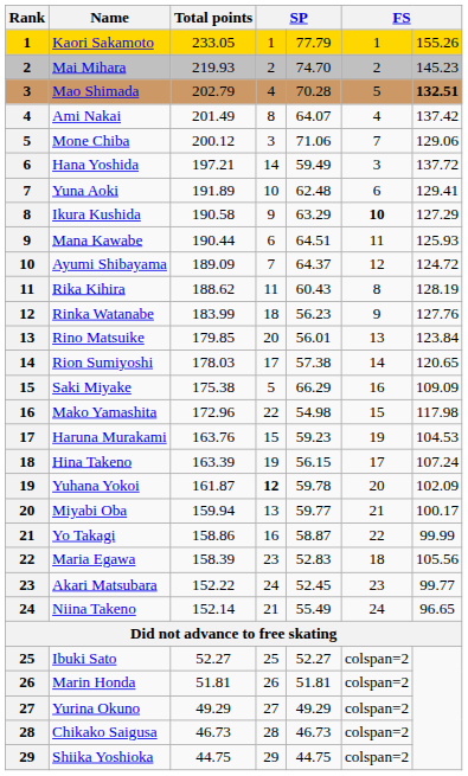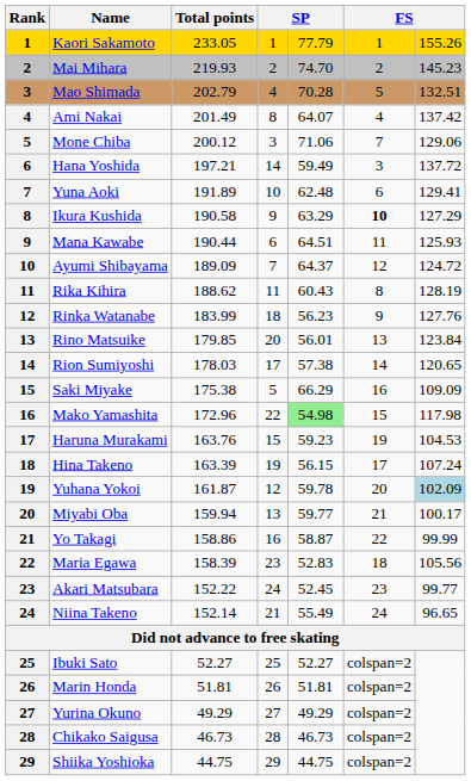 <table class="wikitable sortable">
 <tr>
 <th>Rank</th>
 <th>Name</th>
 <th>Total points</th>
 <th colspan="2" width="80px"><a href='#'>SP</a></th>
 <th colspan="2" width="80px"><a href='#'>FS</a></th>
 </tr>
 <tr bgcolor="gold">
 <td align="center"><strong>1</strong></td>
 <td><a href='#'>Kaori Sakamoto</a></td>
 <td align="center">233.05</td>
 <td align="center">1</td>
 <td align="center">77.79</td>
 <td align="center">1</td>
 <td align="center">155.26</td>
 </tr>
 <tr bgcolor="silver">
 <td align="center"><strong>2</strong></td>
 <td><a href='#'>Mai Mihara</a></td>
 <td align="center">219.93</td>
 <td align="center">2</td>
 <td align="center">74.70</td>
 <td align="center">2</td>
 <td align="center">145.23</td>
 </tr>
 <tr bgcolor="cc9966">
 <td align="center"><strong>3</strong></td>
 <td><a href='#'>Mao Shimada</a></td>
 <td align="center">202.79</td>
 <td align="center">4</td>
 <td align="center">70.28</td>
 <td align="center">5</td>
-<td align="center"><strong>132.51</strong></td>
+<td align="center">132.51</td>
 </tr>
 <tr>
 <th>4</th>
 <td><a href='#'>Ami Nakai</a></td>
 <td align="center">201.49</td>
 <td align="center">8</td>
 <td align="center">64.07</td>
 <td align="center">4</td>
 <td align="center">137.42</td>
 </tr>
 <tr>
 <th>5</th>
 <td><a href='#'>Mone Chiba</a></td>
 <td align="center">200.12</td>
 <td align="center">3</td>
 <td align="center">71.06</td>
 <td align="center">7</td>
 <td align="center">129.06</td>
 </tr>
 <tr>
 <th>6</th>
 <td><a href='#'>Hana Yoshida</a></td>
 <td align="center">197.21</td>
 <td align="center">14</td>
 <td align="center">59.49</td>
 <td align="center">3</td>
 <td align="center">137.72</td>
 </tr>
 <tr>
 <th>7</th>
 <td><a href='#'>Yuna Aoki</a></td>
 <td align="center">191.89</td>
 <td align="center">10</td>
 <td align="center">62.48</td>
 <td align="center">6</td>
 <td align="center">129.41</td>
 </tr>
 <tr>
 <th>8</th>
 <td><a href='#'>Ikura Kushida</a></td>
 <td align="center">190.58</td>
 <td align="center">9</td>
 <td align="center">63.29</td>
 <td align="center"><strong>10</strong></td>
 <td align="center">127.29</td>
 </tr>
 <tr>
 <th>9</th>
 <td><a href='#'>Mana Kawabe</a></td>
 <td align="center">190.44</td>
 <td align="center">6</td>
 <td align="center">64.51</td>
 <td align="center">11</td>
 <td align="center">125.93</td>
 </tr>
 <tr>
 <th>10</th>
 <td><a href='#'>Ayumi Shibayama</a></td>
 <td align="center">189.09</td>
 <td align="center">7</td>
 <td align="center">64.37</td>
 <td align="center">12</td>
 <td align="center">124.72</td>
 </tr>
 <tr>
 <th>11</th>
 <td><a href='#'>Rika Kihira</a></td>
 <td align="center">188.62</td>
 <td align="center">11</td>
 <td align="center">60.43</td>
 <td align="center">8</td>
 <td align="center">128.19</td>
 </tr>
 <tr>
 <th>12</th>
 <td><a href='#'>Rinka Watanabe</a></td>
 <td align="center">183.99</td>
 <td align="center">18</td>
 <td align="center">56.23</td>
 <td align="center">9</td>
 <td align="center">127.76</td>
 </tr>
 <tr>
 <th>13</th>
 <td><a href='#'>Rino Matsuike</a></td>
 <td align="center">179.85</td>
 <td align="center">20</td>
 <td align="center">56.01</td>
 <td align="center">13</td>
 <td align="center">123.84</td>
 </tr>
 <tr>
 <th>14</th>
 <td><a href='#'>Rion Sumiyoshi</a></td>
 <td align="center">178.03</td>
 <td align="center">17</td>
 <td align="center">57.38</td>
 <td align="center">14</td>
 <td align="center">120.65</td>
 </tr>
 <tr>
 <th>15</th>
 <td><a href='#'>Saki Miyake</a></td>
 <td align="center">175.38</td>
 <td align="center">5</td>
 <td align="center">66.29</td>
 <td align="center">16</td>
 <td align="center">109.09</td>
 </tr>
 <tr>
 <th>16</th>
 <td><a href='#'>Mako Yamashita</a></td>
 <td align="center">172.96</td>
 <td align="center">22</td>
-<td align="center">54.98</td>
+<td align="center" style="background: lightgreen;">54.98</td>
 <td align="center">15</td>
 <td align="center">117.98</td>
 </tr>
 <tr>
 <th>17</th>
 <td><a href='#'>Haruna Murakami</a></td>
 <td align="center">163.76</td>
 <td align="center">15</td>
 <td align="center">59.23</td>
 <td align="center">19</td>
 <td align="center">104.53</td>
 </tr>
 <tr>
 <th>18</th>
 <td><a href='#'>Hina Takeno</a></td>
 <td align="center">163.39</td>
 <td align="center">19</td>
 <td align="center">56.15</td>
 <td align="center">17</td>
 <td align="center">107.24</td>
 </tr>
 <tr>
 <th>19</th>
 <td><a href='#'>Yuhana Yokoi</a></td>
 <td align="center">161.87</td>
-<td align="center"><strong>12</strong></td>
+<td align="center">12</td>
 <td align="center">59.78</td>
 <td align="center">20</td>
-<td align="center">102.09</td>
+<td align="center" style="background: lightblue;">102.09</td>
 </tr>
 <tr>
 <th>20</th>
 <td><a href='#'>Miyabi Oba</a></td>
 <td align="center">159.94</td>
 <td align="center">13</td>
 <td align="center">59.77</td>
 <td align="center">21</td>
 <td align="center">100.17</td>
 </tr>
 <tr>
 <th>21</th>
 <td><a href='#'>Yo Takagi</a></td>
 <td align="center">158.86</td>
 <td align="center">16</td>
 <td align="center">58.87</td>
 <td align="center">22</td>
 <td align="center">99.99</td>
 </tr>
 <tr>
 <th>22</th>
 <td><a href='#'>Maria Egawa</a></td>
 <td align="center">158.39</td>
 <td align="center">23</td>
 <td align="center">52.83</td>
 <td align="center">18</td>
 <td align="center">105.56</td>
 </tr>
 <tr>
 <th>23</th>
 <td><a href='#'>Akari Matsubara</a></td>
 <td align="center">152.22</td>
 <td align="center">24</td>
 <td align="center">52.45</td>
 <td align="center">23</td>
 <td align="center">99.77</td>
 </tr>
 <tr>
 <th>24</th>
 <td><a href='#'>Niina Takeno</a></td>
 <td align="center">152.14</td>
 <td align="center">21</td>
 <td align="center">55.49</td>
 <td align="center">24</td>
 <td align="center">96.65</td>
 </tr>
 <tr>
 <th colspan="7">Did not advance to free skating</th>
 </tr>
 <tr>
 <th>25</th>
 <td><a href='#'>Ibuki Sato</a></td>
 <td align="center">52.27</td>
 <td align="center">25</td>
 <td align="center">52.27</td>
 <td>colspan=2 </td>
 </tr>
 <tr>
 <th>26</th>
 <td><a href='#'>Marin Honda</a></td>
 <td align="center">51.81</td>
 <td align="center">26</td>
 <td align="center">51.81</td>
 <td>colspan=2 </td>
 </tr>
 <tr>
 <th>27</th>
 <td><a href='#'>Yurina Okuno</a></td>
 <td align="center">49.29</td>
 <td align="center">27</td>
 <td align="center">49.29</td>
 <td>colspan=2 </td>
 </tr>
 <tr>
 <th>28</th>
 <td><a href='#'>Chikako Saigusa</a></td>
 <td align="center">46.73</td>
 <td align="center">28</td>
 <td align="center">46.73</td>
 <td>colspan=2 </td>
 </tr>
 <tr>
 <th>29</th>
 <td><a href='#'>Shiika Yoshioka</a></td>
 <td align="center">44.75</td>
 <td align="center">29</td>
 <td align="center">44.75</td>
 <td>colspan=2 </td>
 </tr>
 </table>
